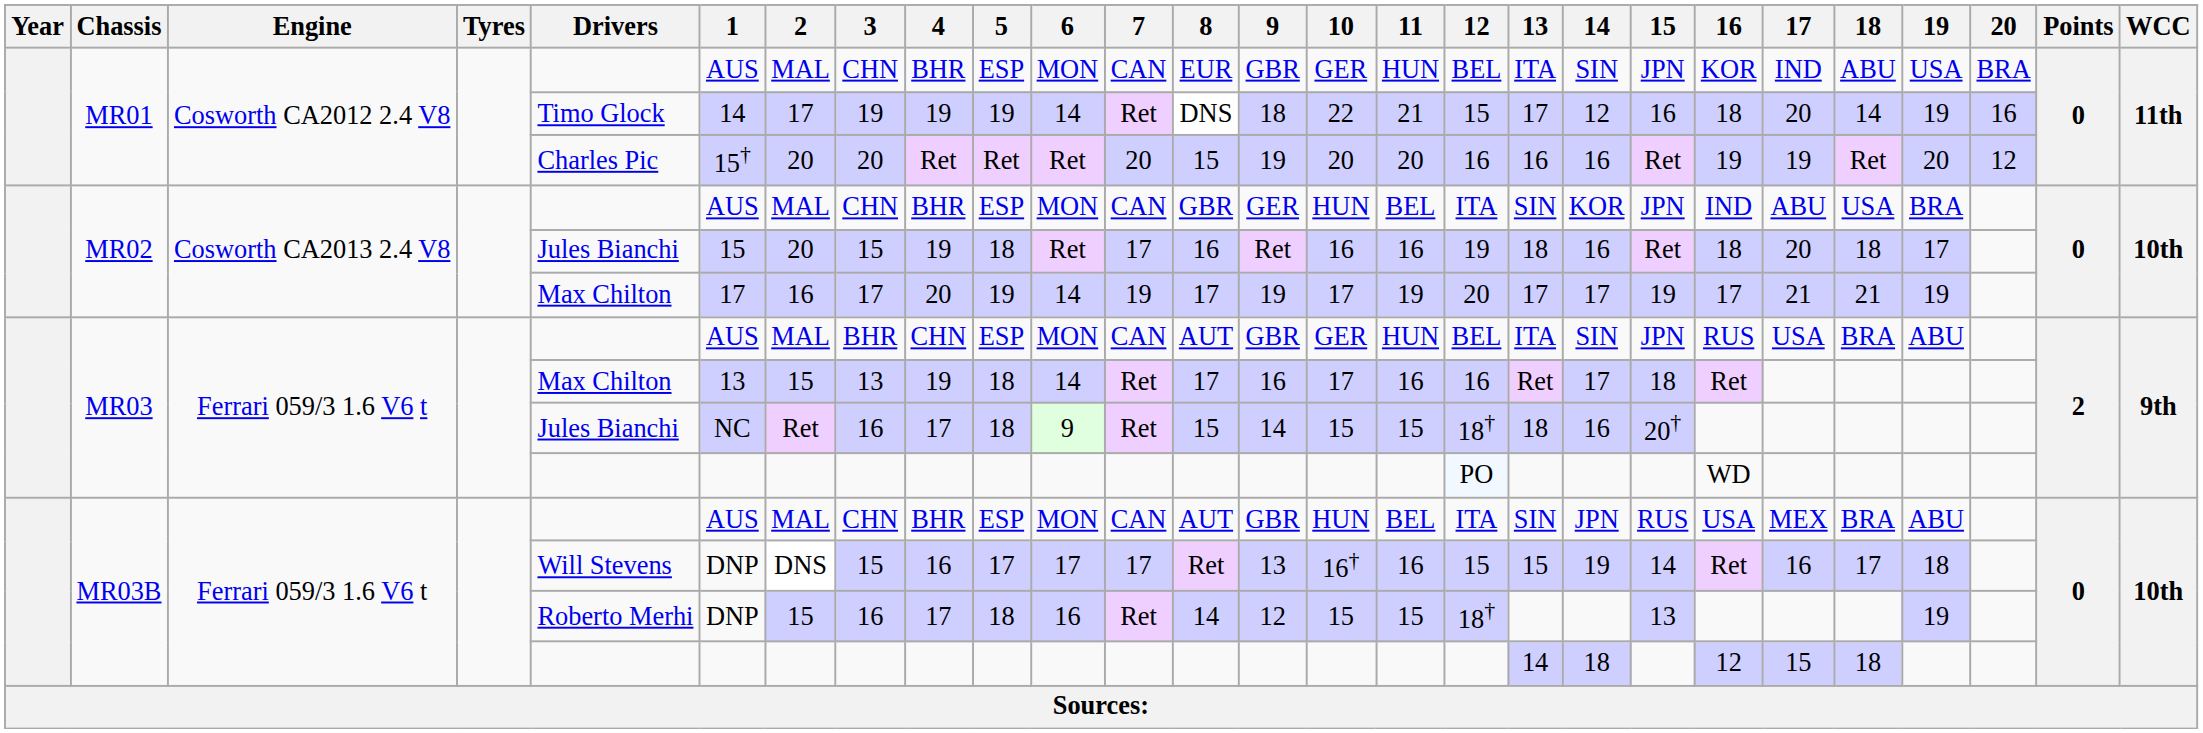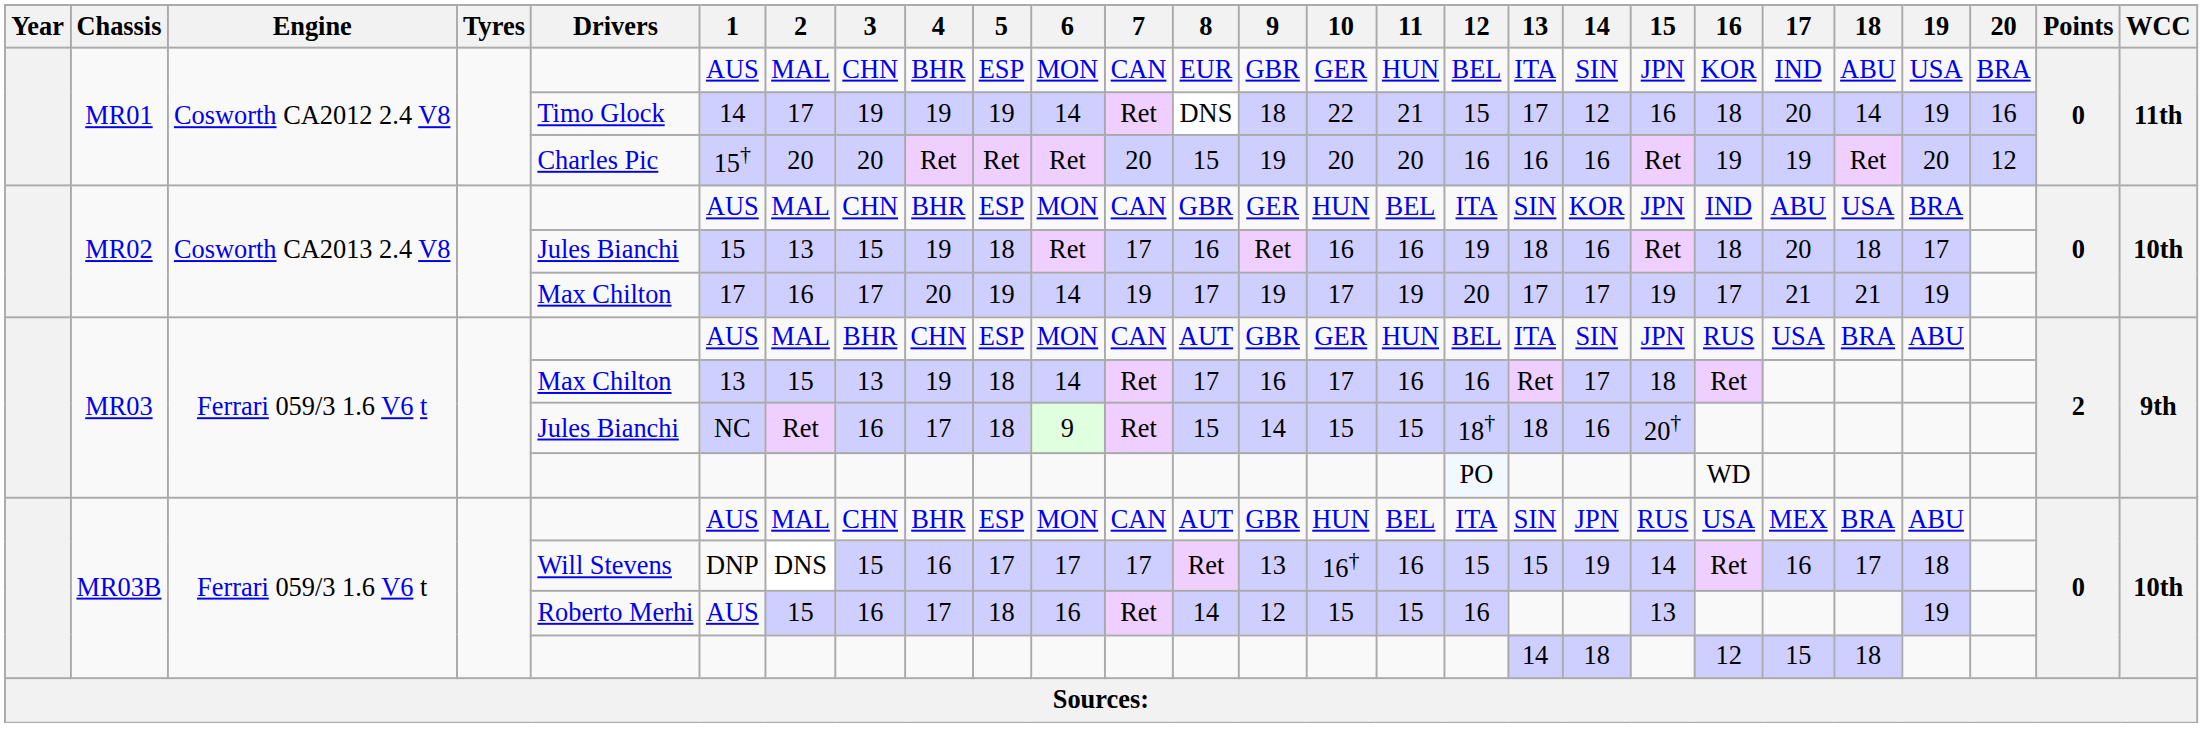 <table class="wikitable" style="text-align:center; font-size:85%;">
 <tr>
 <th>Year</th>
 <th>Chassis</th>
 <th>Engine</th>
 <th>Tyres</th>
 <th>Drivers</th>
 <th>1</th>
 <th>2</th>
 <th>3</th>
 <th>4</th>
 <th>5</th>
 <th>6</th>
 <th>7</th>
 <th>8</th>
 <th>9</th>
 <th>10</th>
 <th>11</th>
 <th>12</th>
 <th>13</th>
 <th>14</th>
 <th>15</th>
 <th>16</th>
 <th>17</th>
 <th>18</th>
 <th>19</th>
 <th>20</th>
 <th>Points</th>
 <th>WCC</th>
 </tr>
 <tr>
 <th rowspan="3"></th>
 <td rowspan="3"><a href='#'>MR01</a></td>
 <td rowspan="3"><a href='#'>Cosworth</a> CA2012 2.4 <a href='#'>V8</a></td>
 <td rowspan="3"></td>
 <td></td>
 <td><a href='#'>AUS</a></td>
 <td><a href='#'>MAL</a></td>
 <td><a href='#'>CHN</a></td>
 <td><a href='#'>BHR</a></td>
 <td><a href='#'>ESP</a></td>
 <td><a href='#'>MON</a></td>
 <td><a href='#'>CAN</a></td>
 <td><a href='#'>EUR</a></td>
 <td><a href='#'>GBR</a></td>
 <td><a href='#'>GER</a></td>
 <td><a href='#'>HUN</a></td>
 <td><a href='#'>BEL</a></td>
 <td><a href='#'>ITA</a></td>
 <td><a href='#'>SIN</a></td>
 <td><a href='#'>JPN</a></td>
 <td><a href='#'>KOR</a></td>
 <td><a href='#'>IND</a></td>
 <td><a href='#'>ABU</a></td>
 <td><a href='#'>USA</a></td>
 <td><a href='#'>BRA</a></td>
 <th rowspan="3">0</th>
 <th rowspan="3">11th</th>
 </tr>
 <tr>
 <td align="left"> <a href='#'>Timo Glock</a></td>
 <td style="background:#cfcfff;">14</td>
 <td style="background:#cfcfff;">17</td>
 <td style="background:#cfcfff;">19</td>
 <td style="background:#cfcfff;">19</td>
 <td style="background:#cfcfff;">19</td>
 <td style="background:#cfcfff;">14</td>
 <td style="background:#EFCFFF;">Ret</td>
 <td style="background:#fff;">DNS</td>
 <td style="background:#cfcfff;">18</td>
 <td style="background:#cfcfff;">22</td>
 <td style="background:#cfcfff;">21</td>
 <td style="background:#cfcfff;">15</td>
 <td style="background:#cfcfff;">17</td>
 <td style="background:#cfcfff;">12</td>
 <td style="background:#cfcfff;">16</td>
 <td style="background:#cfcfff;">18</td>
 <td style="background:#cfcfff;">20</td>
 <td style="background:#cfcfff;">14</td>
 <td style="background:#cfcfff;">19</td>
 <td style="background:#cfcfff;">16</td>
 </tr>
 <tr>
 <td align="left"> <a href='#'>Charles Pic</a></td>
 <td style="background:#cfcfff;">15<sup>†</sup></td>
 <td style="background:#cfcfff;">20</td>
 <td style="background:#cfcfff;">20</td>
 <td style="background:#EFCFFF;">Ret</td>
 <td style="background:#EFCFFF;">Ret</td>
 <td style="background:#EFCFFF;">Ret</td>
 <td style="background:#cfcfff;">20</td>
 <td style="background:#cfcfff;">15</td>
 <td style="background:#cfcfff;">19</td>
 <td style="background:#cfcfff;">20</td>
 <td style="background:#cfcfff;">20</td>
 <td style="background:#cfcfff;">16</td>
 <td style="background:#cfcfff;">16</td>
 <td style="background:#cfcfff;">16</td>
 <td style="background:#EFCFFF;">Ret</td>
 <td style="background:#cfcfff;">19</td>
 <td style="background:#cfcfff;">19</td>
 <td style="background:#EFCFFF;">Ret</td>
 <td style="background:#cfcfff;">20</td>
 <td style="background:#cfcfff;">12</td>
 </tr>
 <tr>
 <th rowspan="3"></th>
 <td rowspan="3"><a href='#'>MR02</a></td>
 <td rowspan="3"><a href='#'>Cosworth</a> CA2013 2.4 <a href='#'>V8</a></td>
 <td rowspan="3"></td>
 <td></td>
 <td><a href='#'>AUS</a></td>
 <td><a href='#'>MAL</a></td>
 <td><a href='#'>CHN</a></td>
 <td><a href='#'>BHR</a></td>
 <td><a href='#'>ESP</a></td>
 <td><a href='#'>MON</a></td>
 <td><a href='#'>CAN</a></td>
 <td><a href='#'>GBR</a></td>
 <td><a href='#'>GER</a></td>
 <td><a href='#'>HUN</a></td>
 <td><a href='#'>BEL</a></td>
 <td><a href='#'>ITA</a></td>
 <td><a href='#'>SIN</a></td>
 <td><a href='#'>KOR</a></td>
 <td><a href='#'>JPN</a></td>
 <td><a href='#'>IND</a></td>
 <td><a href='#'>ABU</a></td>
 <td><a href='#'>USA</a></td>
 <td><a href='#'>BRA</a></td>
 <td></td>
 <th rowspan="3">0</th>
 <th rowspan="3">10th</th>
 </tr>
 <tr>
 <td align="left"> <a href='#'>Jules Bianchi</a></td>
 <td style="background:#cfcfff;">15</td>
-<td style="background:#cfcfff;">20</td>
+<td style="background:#cfcfff;">13</td>
 <td style="background:#cfcfff;">15</td>
 <td style="background:#cfcfff;">19</td>
 <td style="background:#cfcfff;">18</td>
 <td style="background:#efcfff;">Ret</td>
 <td style="background:#cfcfff;">17</td>
 <td style="background:#cfcfff;">16</td>
 <td style="background:#efcfff;">Ret</td>
 <td style="background:#cfcfff;">16</td>
 <td style="background:#cfcfff;">16</td>
 <td style="background:#cfcfff;">19</td>
 <td style="background:#cfcfff;">18</td>
 <td style="background:#cfcfff;">16</td>
 <td style="background:#efcfff;">Ret</td>
 <td style="background:#cfcfff;">18</td>
 <td style="background:#cfcfff;">20</td>
 <td style="background:#cfcfff;">18</td>
 <td style="background:#cfcfff;">17</td>
 <td></td>
 </tr>
 <tr>
 <td align="left"> <a href='#'>Max Chilton</a></td>
 <td style="background:#cfcfff;">17</td>
 <td style="background:#cfcfff;">16</td>
 <td style="background:#cfcfff;">17</td>
 <td style="background:#cfcfff;">20</td>
 <td style="background:#cfcfff;">19</td>
 <td style="background:#cfcfff;">14</td>
 <td style="background:#cfcfff;">19</td>
 <td style="background:#cfcfff;">17</td>
 <td style="background:#cfcfff;">19</td>
 <td style="background:#cfcfff;">17</td>
 <td style="background:#cfcfff;">19</td>
 <td style="background:#cfcfff;">20</td>
 <td style="background:#cfcfff;">17</td>
 <td style="background:#cfcfff;">17</td>
 <td style="background:#cfcfff;">19</td>
 <td style="background:#cfcfff;">17</td>
 <td style="background:#cfcfff;">21</td>
 <td style="background:#cfcfff;">21</td>
 <td style="background:#cfcfff;">19</td>
 <td></td>
 </tr>
 <tr>
 <th rowspan="4"></th>
 <td rowspan="4"><a href='#'>MR03</a></td>
 <td rowspan="4"><a href='#'>Ferrari</a> 059/3 1.6 <a href='#'>V6</a> <a href='#'>t</a></td>
 <td rowspan="4"></td>
 <td></td>
 <td><a href='#'>AUS</a></td>
 <td><a href='#'>MAL</a></td>
 <td><a href='#'>BHR</a></td>
 <td><a href='#'>CHN</a></td>
 <td><a href='#'>ESP</a></td>
 <td><a href='#'>MON</a></td>
 <td><a href='#'>CAN</a></td>
 <td><a href='#'>AUT</a></td>
 <td><a href='#'>GBR</a></td>
 <td><a href='#'>GER</a></td>
 <td><a href='#'>HUN</a></td>
 <td><a href='#'>BEL</a></td>
 <td><a href='#'>ITA</a></td>
 <td><a href='#'>SIN</a></td>
 <td><a href='#'>JPN</a></td>
 <td><a href='#'>RUS</a></td>
 <td><a href='#'>USA</a></td>
 <td><a href='#'>BRA</a></td>
 <td><a href='#'>ABU</a></td>
 <td></td>
 <th rowspan=4>2</th>
 <th rowspan=4>9th</th>
 </tr>
 <tr>
 <td align="left"> <a href='#'>Max Chilton</a></td>
 <td style="background:#cfcfff;">13</td>
 <td style="background:#cfcfff;">15</td>
 <td style="background:#cfcfff;">13</td>
 <td style="background:#cfcfff;">19</td>
 <td style="background:#cfcfff;">18</td>
 <td style="background:#cfcfff;">14</td>
 <td style="background:#efcfff;">Ret</td>
 <td style="background:#cfcfff;">17</td>
 <td style="background:#cfcfff;">16</td>
 <td style="background:#cfcfff;">17</td>
 <td style="background:#cfcfff;">16</td>
 <td style="background:#cfcfff;">16</td>
 <td style="background:#efcfff;">Ret</td>
 <td style="background:#cfcfff;">17</td>
 <td style="background:#cfcfff;">18</td>
 <td style="background:#efcfff;">Ret</td>
 <td></td>
 <td></td>
 <td></td>
 <td></td>
 </tr>
 <tr>
 <td align="left"> <a href='#'>Jules Bianchi</a></td>
 <td style="background:#cfcfff;">NC</td>
 <td style="background:#efcfff;">Ret</td>
 <td style="background:#cfcfff;">16</td>
 <td style="background:#cfcfff;">17</td>
 <td style="background:#cfcfff;">18</td>
 <td style="background:#dfffdf;">9</td>
 <td style="background:#efcfff;">Ret</td>
 <td style="background:#cfcfff;">15</td>
 <td style="background:#cfcfff;">14</td>
 <td style="background:#cfcfff;">15</td>
 <td style="background:#cfcfff;">15</td>
 <td style="background:#cfcfff;">18<sup>†</sup></td>
 <td style="background:#cfcfff;">18</td>
 <td style="background:#cfcfff;">16</td>
 <td style="background:#cfcfff;">20<sup>†</sup></td>
 <td></td>
 <td></td>
 <td></td>
 <td></td>
 <td></td>
 </tr>
 <tr>
 <td align="left"></td>
 <td></td>
 <td></td>
 <td></td>
 <td></td>
 <td></td>
 <td></td>
 <td></td>
 <td></td>
 <td></td>
 <td></td>
 <td></td>
 <td style="background:#F1F8FF;">PO</td>
 <td></td>
 <td></td>
 <td></td>
 <td>WD</td>
 <td></td>
 <td></td>
 <td></td>
 <td></td>
 </tr>
 <tr>
 <th rowspan="4"></th>
 <td rowspan="4"><a href='#'>MR03B</a></td>
 <td rowspan="4"><a href='#'>Ferrari</a> 059/3 1.6 <a href='#'>V6</a> t</td>
 <td rowspan="4"></td>
 <td></td>
 <td><a href='#'>AUS</a></td>
 <td><a href='#'>MAL</a></td>
 <td><a href='#'>CHN</a></td>
 <td><a href='#'>BHR</a></td>
 <td><a href='#'>ESP</a></td>
 <td><a href='#'>MON</a></td>
 <td><a href='#'>CAN</a></td>
 <td><a href='#'>AUT</a></td>
 <td><a href='#'>GBR</a></td>
 <td><a href='#'>HUN</a></td>
 <td><a href='#'>BEL</a></td>
 <td><a href='#'>ITA</a></td>
 <td><a href='#'>SIN</a></td>
 <td><a href='#'>JPN</a></td>
 <td><a href='#'>RUS</a></td>
 <td><a href='#'>USA</a></td>
 <td><a href='#'>MEX</a></td>
 <td><a href='#'>BRA</a></td>
 <td><a href='#'>ABU</a></td>
 <td></td>
 <th rowspan="4">0</th>
 <th rowspan="4">10th</th>
 </tr>
 <tr>
 <td align="left"> <a href='#'>Will Stevens</a></td>
 <td>DNP</td>
 <td style="background:#fff;">DNS</td>
 <td style="background:#cfcfff;">15</td>
 <td style="background:#cfcfff;">16</td>
 <td style="background:#cfcfff;">17</td>
 <td style="background:#cfcfff;">17</td>
 <td style="background:#cfcfff;">17</td>
 <td style="background:#efcfff;">Ret</td>
 <td style="background:#cfcfff;">13</td>
 <td style="background:#cfcfff;">16<sup>†</sup></td>
 <td style="background:#cfcfff;">16</td>
 <td style="background:#cfcfff;">15</td>
 <td style="background:#cfcfff;">15</td>
 <td style="background:#cfcfff;">19</td>
 <td style="background:#cfcfff;">14</td>
 <td style="background:#efcfff;">Ret</td>
 <td style="background:#cfcfff;">16</td>
 <td style="background:#cfcfff;">17</td>
 <td style="background:#cfcfff;">18</td>
 <td></td>
 </tr>
 <tr>
 <td align="left"> <a href='#'>Roberto Merhi</a></td>
-<td>DNP</td>
+<td><a href='#'>AUS</a></td>
 <td style="background:#cfcfff;">15</td>
 <td style="background:#cfcfff;">16</td>
 <td style="background:#cfcfff;">17</td>
 <td style="background:#cfcfff;">18</td>
 <td style="background:#cfcfff;">16</td>
 <td style="background:#efcfff;">Ret</td>
 <td style="background:#cfcfff;">14</td>
 <td style="background:#cfcfff;">12</td>
 <td style="background:#cfcfff;">15</td>
 <td style="background:#cfcfff;">15</td>
-<td style="background:#cfcfff;">18<sup>†</sup></td>
+<td style="background:#cfcfff;">16</td>
 <td></td>
 <td></td>
 <td style="background:#cfcfff;">13</td>
 <td></td>
 <td></td>
 <td></td>
 <td style="background:#cfcfff;">19</td>
 <td></td>
 </tr>
 <tr>
 <td style="text-align:left;padding-right:24px"></td>
 <td></td>
 <td></td>
 <td></td>
 <td></td>
 <td></td>
 <td></td>
 <td></td>
 <td></td>
 <td></td>
 <td></td>
 <td></td>
 <td></td>
 <td style="background:#cfcfff;">14</td>
 <td style="background:#cfcfff;">18</td>
 <td></td>
 <td style="background:#cfcfff;">12</td>
 <td style="background:#cfcfff;">15</td>
 <td style="background:#cfcfff;">18</td>
 <td></td>
 <td></td>
 </tr>
 <tr>
 <th colspan="27">Sources:</th>
 </tr>
 </table>
